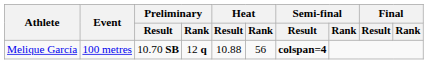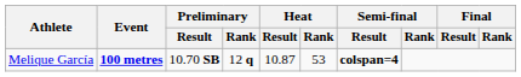 <table class=wikitable style=font-size:90%>
 <tr>
 <th rowspan=2>Athlete</th>
 <th rowspan=2>Event</th>
 <th colspan=2>Preliminary</th>
 <th colspan=2>Heat</th>
 <th colspan=2>Semi-final</th>
 <th colspan=2>Final</th>
 </tr>
 <tr style=font-size:95%>
 <th>Result</th>
 <th>Rank</th>
 <th>Result</th>
 <th>Rank</th>
 <th>Result</th>
 <th>Rank</th>
 <th>Result</th>
 <th>Rank</th>
 </tr>
 <tr align=center>
 <td align=left><a href='#'>Melique García</a></td>
-<td align=left><a href='#'>100 metres</a></td>
+<td align=left><strong><a href='#'>100 metres</a></strong></td>
 <td>10.70 <strong>SB</strong></td>
 <td>12 <strong>q</strong></td>
-<td>10.88</td>
-<td>56</td>
+<td>10.87</td>
+<td>53</td>
 <td><strong>colspan=4 </strong></td>
 </tr>
 </table>
